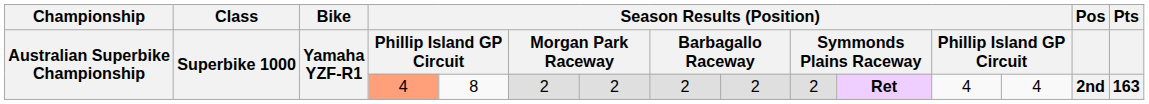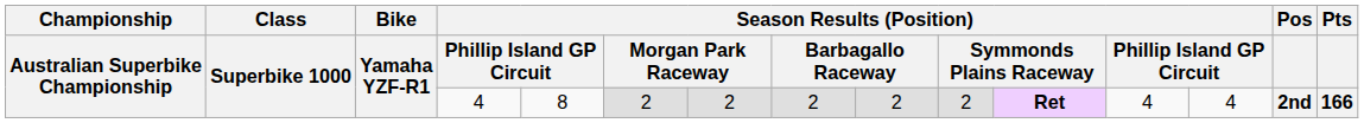 <table class="wikitable" style="text-align:center">
 <tr>
 <th>Championship</th>
 <th>Class</th>
 <th>Bike</th>
 <th colspan=10>Season Results (Position)</th>
 <th>Pos</th>
 <th>Pts</th>
 </tr>
 <tr>
 <th rowspan=2>Australian Superbike <br> Championship</th>
 <th rowspan=2>Superbike 1000</th>
 <th rowspan=2>Yamaha <br> YZF-R1</th>
 <th colspan=2 width="132pt">Phillip Island GP Circuit</th>
 <th colspan=2 width="132pt">Morgan Park Raceway</th>
 <th colspan=2 width="132pt">Barbagallo Raceway</th>
 <th colspan=2 width="132pt">Symmonds Plains Raceway</th>
 <th colspan=2 width="132pt">Phillip Island GP Circuit</th>
 <th></th>
 <th></th>
 </tr>
 <tr>
-<td style="background: lightsalmon;">4</td>
+<td>4</td>
 <td>8</td>
 <td style="background:#dfdfdf;">2</td>
 <td style="background:#dfdfdf;">2</td>
 <td style="background:#dfdfdf;">2</td>
 <td style="background:#dfdfdf;">2</td>
 <td style="background:#dfdfdf;">2</td>
 <td style="background:#efcfff;"><strong>Ret</strong></td>
 <td>4</td>
 <td>4</td>
 <th>2nd</th>
-<th>163</th>
+<th>166</th>
 </tr>
 </table>
